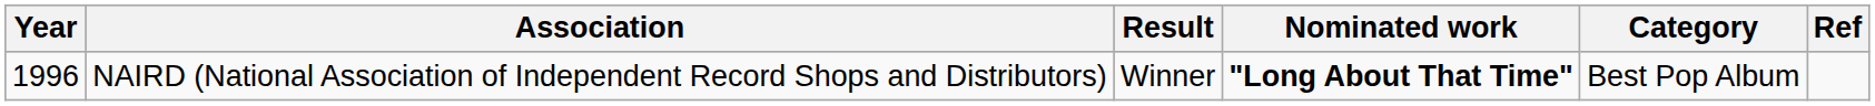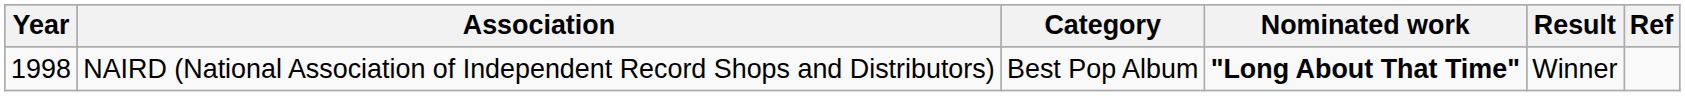 <table class="wikitable">
 <tr>
 <th>Year</th>
 <th>Association</th>
+<th>Category</th>
+<th>Nominated work</th>
 <th>Result</th>
-<th>Nominated work</th>
-<th>Category</th>
 <th>Ref</th>
 </tr>
 <tr>
-<td>1996</td>
+<td>1998</td>
 <td>NAIRD (National Association of Independent Record Shops and Distributors)</td>
+<td>Best Pop Album</td>
+<td><strong>"Long About That Time"</strong></td>
 <td>Winner</td>
-<td><strong>"Long About That Time"</strong></td>
-<td>Best Pop Album</td>
 <td></td>
 </tr>
 </table>
